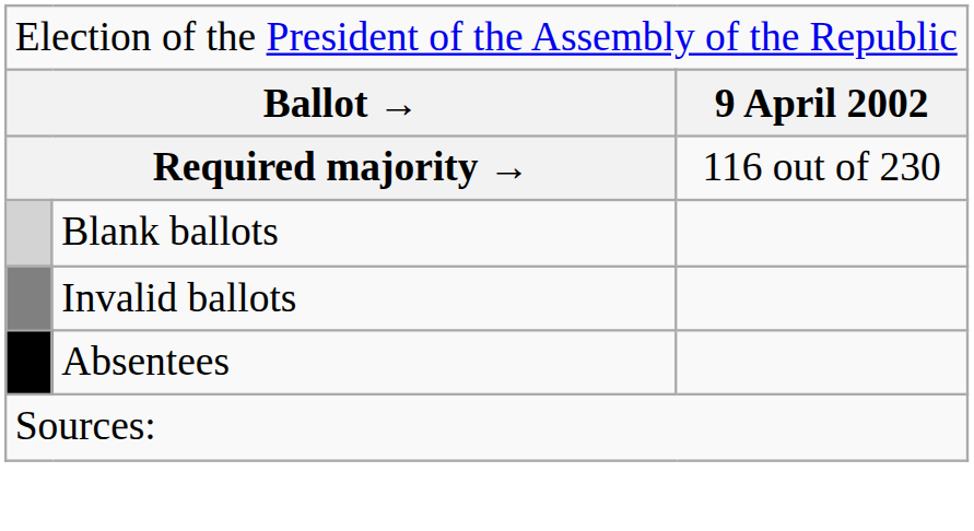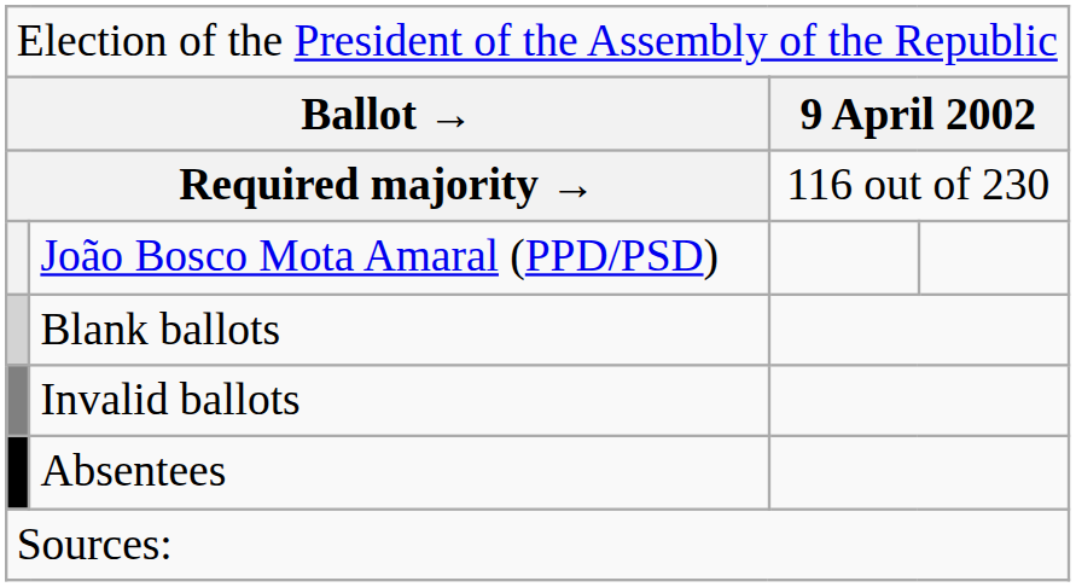 <table class="wikitable" style="text-align:center;">
 <tr>
 <td colspan="4" align="center">Election of the <a href='#'>President of the Assembly of the Republic</a></td>
 </tr>
 <tr>
 <th colspan="2" width="225px">Ballot →</th>
 <th colspan="2">9 April 2002</th>
 </tr>
 <tr>
 <th colspan="2">Required majority →</th>
 <td colspan="2">116 out of 230</td>
+</tr>
+<tr>
+<th width="1px" style="background:"></th>
+<td align="left"><a href='#'>João Bosco Mota Amaral</a> (<a href='#'>PPD/PSD</a>)</td>
+<td></td>
+<td></td>
 </tr>
 <tr>
 <th style="background:lightgray;"></th>
 <td align="left">Blank ballots</td>
 <td colspan="2"></td>
 </tr>
 <tr>
 <th style="background:gray;"></th>
 <td align="left">Invalid ballots</td>
 <td colspan="2"></td>
 </tr>
 <tr>
 <th style="background:black;"></th>
 <td align="left">Absentees</td>
 <td colspan="2"></td>
 </tr>
 <tr>
 <td align="left" colspan="4">Sources:</td>
 </tr>
 </table>
